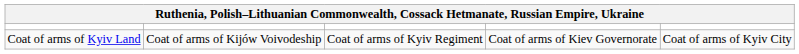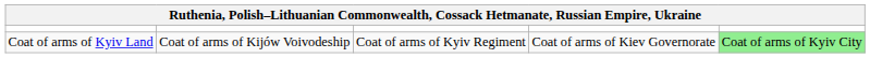 <table class="wikitable" style="margin:0.3em auto">
 <tr>
 <th class="hintergrundfarbe8" colspan="5">Ruthenia, Polish–Lithuanian Commonwealth, Cossack Hetmanate, Russian Empire, Ukraine</th>
 </tr>
 <tr align="center" bgcolor="#FFFFFF">
 <td></td>
 <td></td>
 <td></td>
 <td></td>
 <td></td>
 </tr>
 <tr class="hintergrundfarbe8" align="center">
 <td>Coat of arms of <a href='#'>Kyiv Land</a></td>
 <td>Coat of arms of Kijów Voivodeship</td>
 <td>Coat of arms of Kyiv Regiment</td>
 <td>Coat of arms of Kiev Governorate</td>
-<td>Coat of arms of Kyiv City</td>
+<td style="background: lightgreen;">Coat of arms of Kyiv City</td>
 </tr>
 </table>
